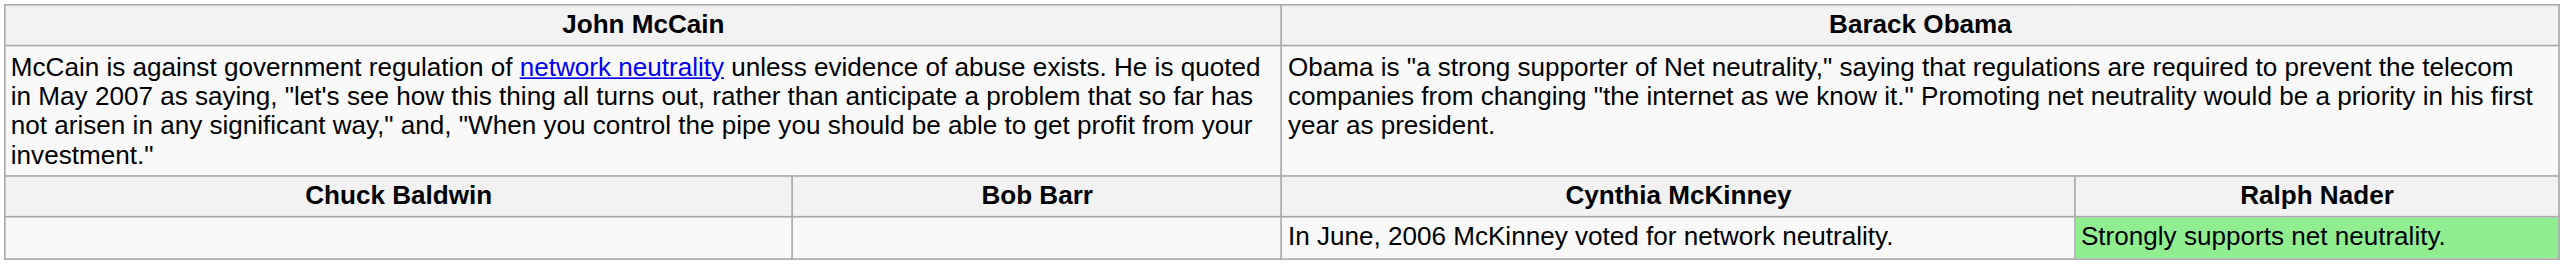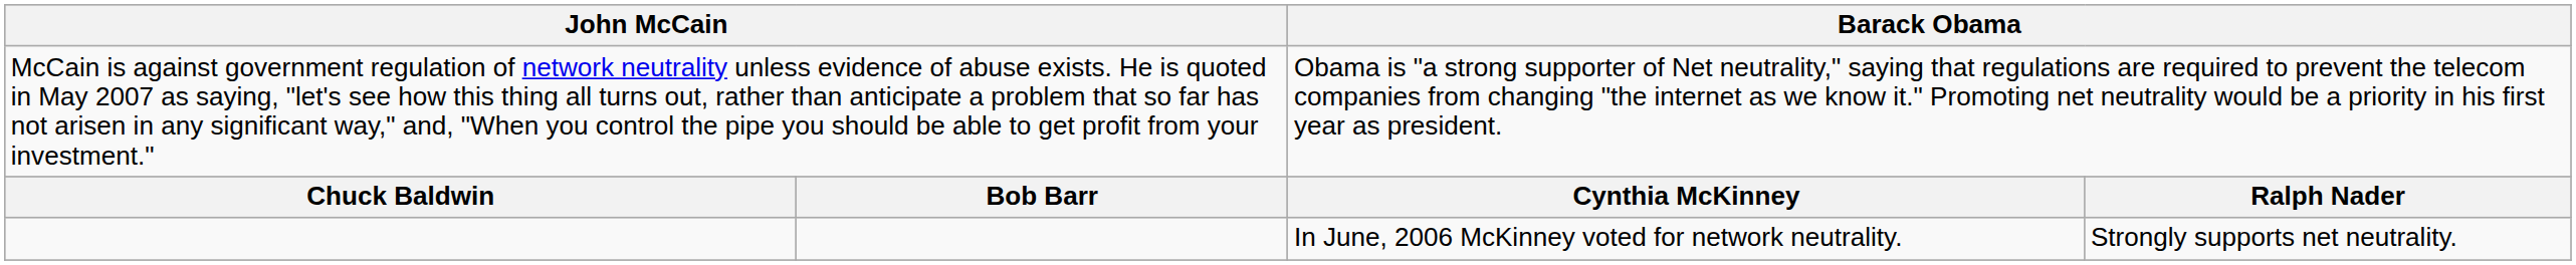 <table class="wikitable">
 <tr>
 <th colspan="2">John McCain</th>
 <th colspan="2">Barack Obama</th>
 </tr>
 <tr valign="top">
 <td colspan="2" width="50%">McCain is against government regulation of <a href='#'>network neutrality</a> unless evidence of abuse exists. He is quoted in May 2007 as saying, "let's see how this thing all turns out, rather than anticipate a problem that so far has not arisen in any significant way," and, "When you control the pipe you should be able to get profit from your investment."</td>
 <td colspan="2" width="50%">Obama is "a strong supporter of Net neutrality," saying that regulations are required to prevent the telecom companies from changing "the internet as we know it." Promoting net neutrality would be a priority in his first year as president.</td>
 </tr>
 <tr>
 <th>Chuck Baldwin</th>
 <th>Bob Barr</th>
 <th>Cynthia McKinney</th>
 <th>Ralph Nader</th>
 </tr>
 <tr valign="top">
 <td></td>
 <td></td>
 <td>In June, 2006 McKinney voted for network neutrality.</td>
-<td style="background: lightgreen;">Strongly supports net neutrality.</td>
+<td>Strongly supports net neutrality.</td>
 </tr>
 </table>
